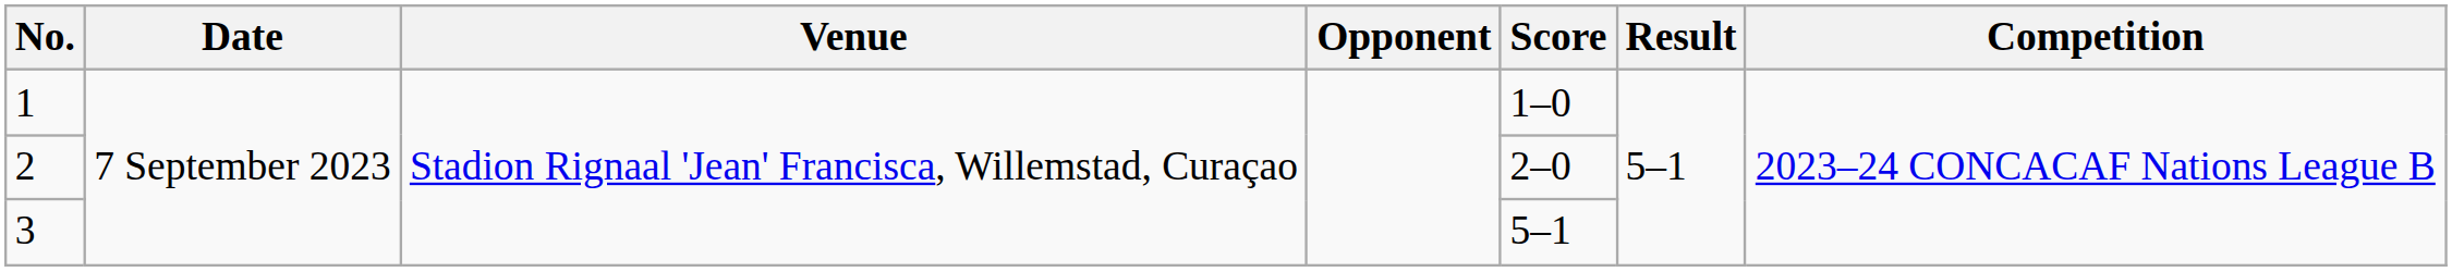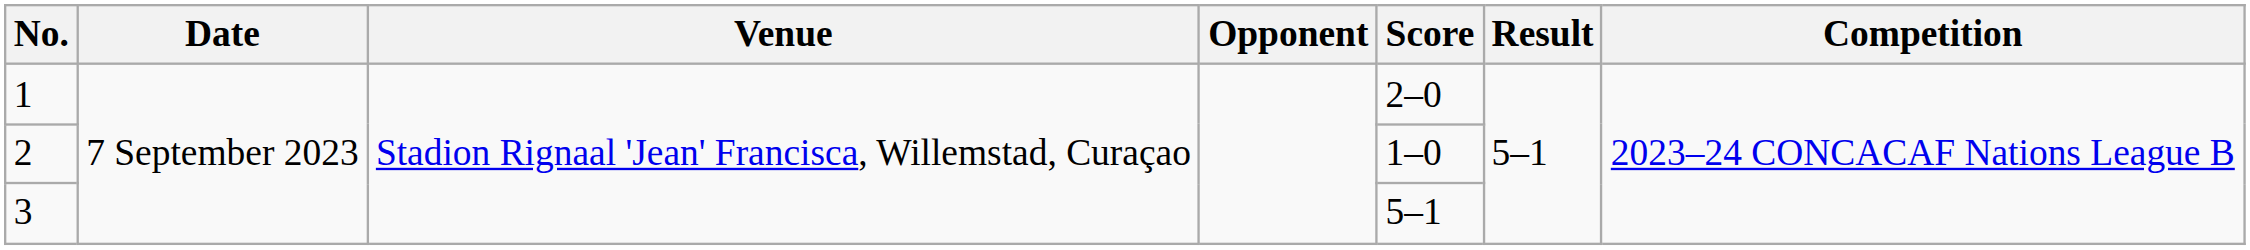 <table class="wikitable">
 <tr>
 <th>No.</th>
 <th>Date</th>
 <th>Venue</th>
 <th>Opponent</th>
 <th>Score</th>
 <th>Result</th>
 <th>Competition</th>
 </tr>
 <tr>
 <td>1</td>
 <td rowspan="3">7 September 2023</td>
 <td rowspan="3"><a href='#'>Stadion Rignaal 'Jean' Francisca</a>, Willemstad, Curaçao</td>
 <td rowspan="3"></td>
-<td>1–0</td>
+<td>2–0</td>
 <td rowspan="3">5–1</td>
 <td rowspan="3"><a href='#'>2023–24 CONCACAF Nations League B</a></td>
 </tr>
 <tr>
 <td>2</td>
-<td>2–0</td>
+<td>1–0</td>
 </tr>
 <tr>
 <td>3</td>
 <td>5–1</td>
 </tr>
 </table>
